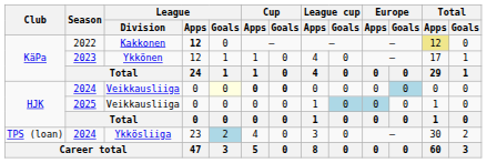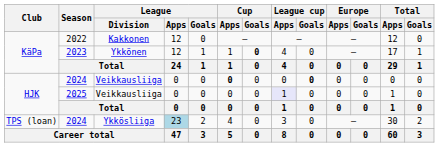 <table class="wikitable" style="text-align:center">
 <tr>
 <th rowspan="2">Club</th>
 <th rowspan="2">Season</th>
 <th colspan="3">League</th>
 <th colspan="2">Cup</th>
 <th colspan="2">League cup</th>
 <th colspan="2">Europe</th>
 <th colspan="2">Total</th>
 </tr>
 <tr>
 <th>Division</th>
 <th>Apps</th>
 <th>Goals</th>
 <th>Apps</th>
 <th>Goals</th>
 <th>Apps</th>
 <th>Goals</th>
 <th>Apps</th>
 <th>Goals</th>
 <th>Apps</th>
 <th>Goals</th>
 </tr>
 <tr>
 <td rowspan="3"><a href='#'>KäPa</a></td>
 <td>2022</td>
 <td><a href='#'>Kakkonen</a></td>
-<td><strong>12</strong></td>
+<td>12</td>
 <td>0</td>
 <td colspan="2">–</td>
 <td colspan="2">–</td>
 <td colspan="2">–</td>
-<td style="background: khaki;">12</td>
+<td>12</td>
 <td>0</td>
 </tr>
 <tr>
 <td><a href='#'>2023</a></td>
 <td><a href='#'>Ykkönen</a></td>
 <td>12</td>
 <td>1</td>
 <td>1</td>
-<td>0</td>
+<td><strong>0</strong></td>
 <td>4</td>
 <td>0</td>
 <td colspan="2">–</td>
 <td>17</td>
 <td>1</td>
 </tr>
 <tr>
 <th colspan="2">Total</th>
 <th>24</th>
 <th>1</th>
 <th>1</th>
 <th>0</th>
 <th>4</th>
 <th>0</th>
 <th>0</th>
 <th>0</th>
 <th>29</th>
 <th>1</th>
 </tr>
 <tr>
 <td rowspan=3><a href='#'>HJK</a></td>
 <td><a href='#'>2024</a></td>
 <td><a href='#'>Veikkausliiga</a></td>
 <td>0</td>
-<td style="background: lightyellow;">0</td>
-<td><strong>0</strong></td>
+<td>0</td>
 <td><strong>0</strong></td>
 <td>0</td>
 <td>0</td>
+<td><strong>0</strong></td>
 <td>0</td>
-<td style="background: lightblue;">0</td>
+<td>0</td>
 <td>0</td>
 <td>0</td>
 </tr>
 <tr>
 <td><a href='#'>2025</a></td>
 <td>Veikkausliiga</td>
 <td>0</td>
 <td>0</td>
 <td>0</td>
 <td>0</td>
-<td>1</td>
-<td style="background: lightblue;">0</td>
-<td style="background: lightblue;">0</td>
+<td style="background: lavender;">1</td>
+<td>0</td>
+<td>0</td>
 <td>0</td>
 <td>1</td>
 <td>0</td>
 </tr>
 <tr>
 <th colspan=2>Total</th>
 <th>0</th>
 <th>0</th>
 <th>0</th>
 <th>0</th>
 <th>1</th>
 <th>0</th>
 <th>0</th>
 <th>0</th>
 <th>1</th>
 <th>0</th>
 </tr>
 <tr>
 <td><a href='#'>TPS</a> (loan)</td>
 <td><a href='#'>2024</a></td>
 <td><a href='#'>Ykkösliiga</a></td>
-<td>23</td>
-<td style="background: lightblue;">2</td>
+<td style="background: lightblue;">23</td>
+<td>2</td>
 <td>4</td>
 <td>0</td>
 <td>3</td>
 <td>0</td>
 <td colspan="2">–</td>
 <td>30</td>
 <td>2</td>
 </tr>
 <tr>
 <th colspan="3">Career total</th>
 <th>47</th>
 <th>3</th>
 <th>5</th>
 <th>0</th>
 <th>8</th>
 <th>0</th>
 <th>0</th>
 <th>0</th>
 <th>60</th>
 <th>3</th>
 </tr>
 </table>
